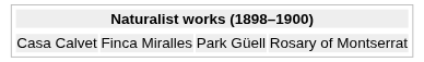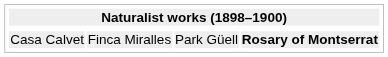 <table style="margin:1em auto; padding:2px; border: 1px solid #BBB; text-align:center; font-size:90%">
 <tr>
 <th colspan="4" style="background:#EEE">Naturalist works (1898–1900)</th>
 </tr>
 <tr>
 <td></td>
 <td></td>
 <td></td>
 <td></td>
 </tr>
 <tr style="background:#EEE">
 <td>Casa Calvet</td>
 <td>Finca Miralles</td>
 <td>Park Güell</td>
-<td>Rosary of Montserrat</td>
+<td><strong>Rosary of Montserrat</strong></td>
 </tr>
 </table>
